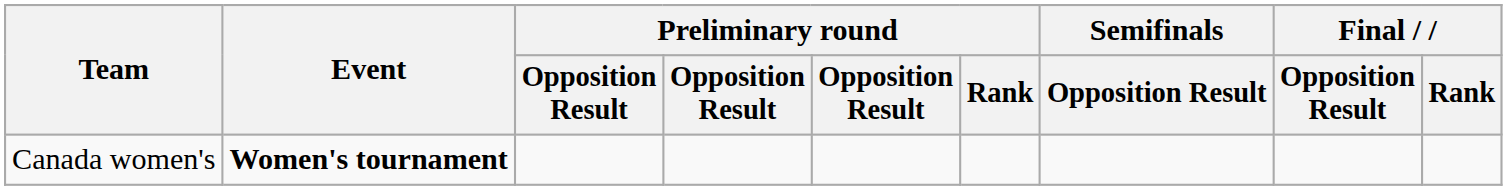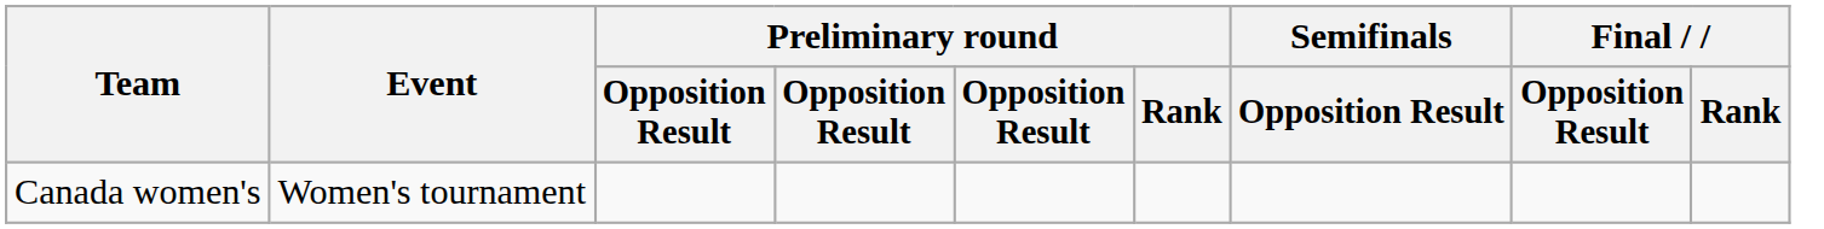 <table class=wikitable style=font-size:90%>
 <tr>
 <th rowspan=2>Team</th>
 <th rowspan=2>Event</th>
 <th colspan=4>Preliminary round</th>
 <th>Semifinals</th>
 <th colspan="2">Final /  / </th>
 </tr>
 <tr style=font-size:95%>
 <th>Opposition<br>Result</th>
 <th>Opposition<br>Result</th>
 <th>Opposition<br>Result</th>
 <th>Rank</th>
 <th>Opposition Result</th>
 <th>Opposition<br>Result</th>
 <th>Rank</th>
 </tr>
 <tr align=center>
 <td align=left>Canada women's</td>
-<td align=left><strong>Women's tournament</strong></td>
+<td align=left>Women's tournament</td>
 <td></td>
 <td></td>
 <td></td>
 <td></td>
 <td></td>
 <td></td>
 <td></td>
 </tr>
 </table>
